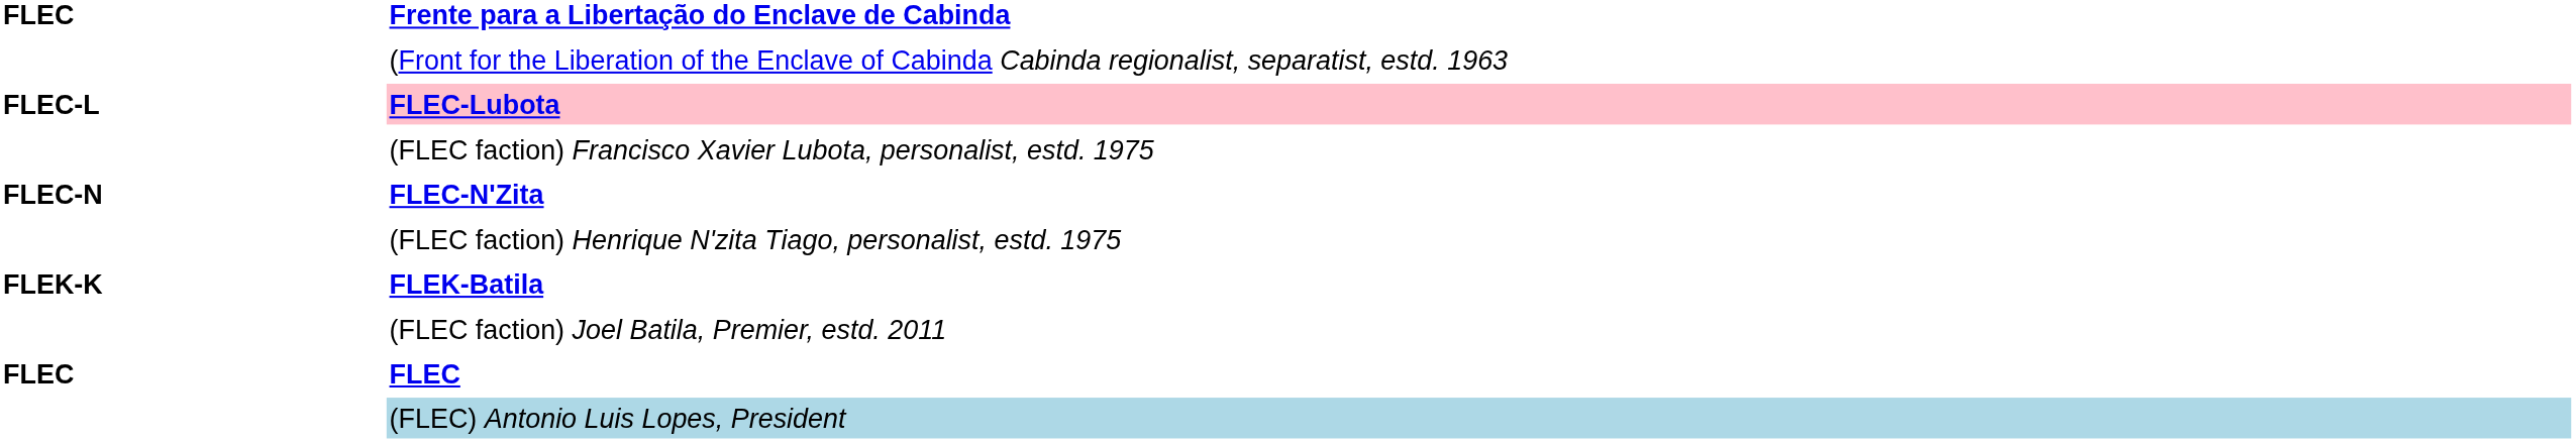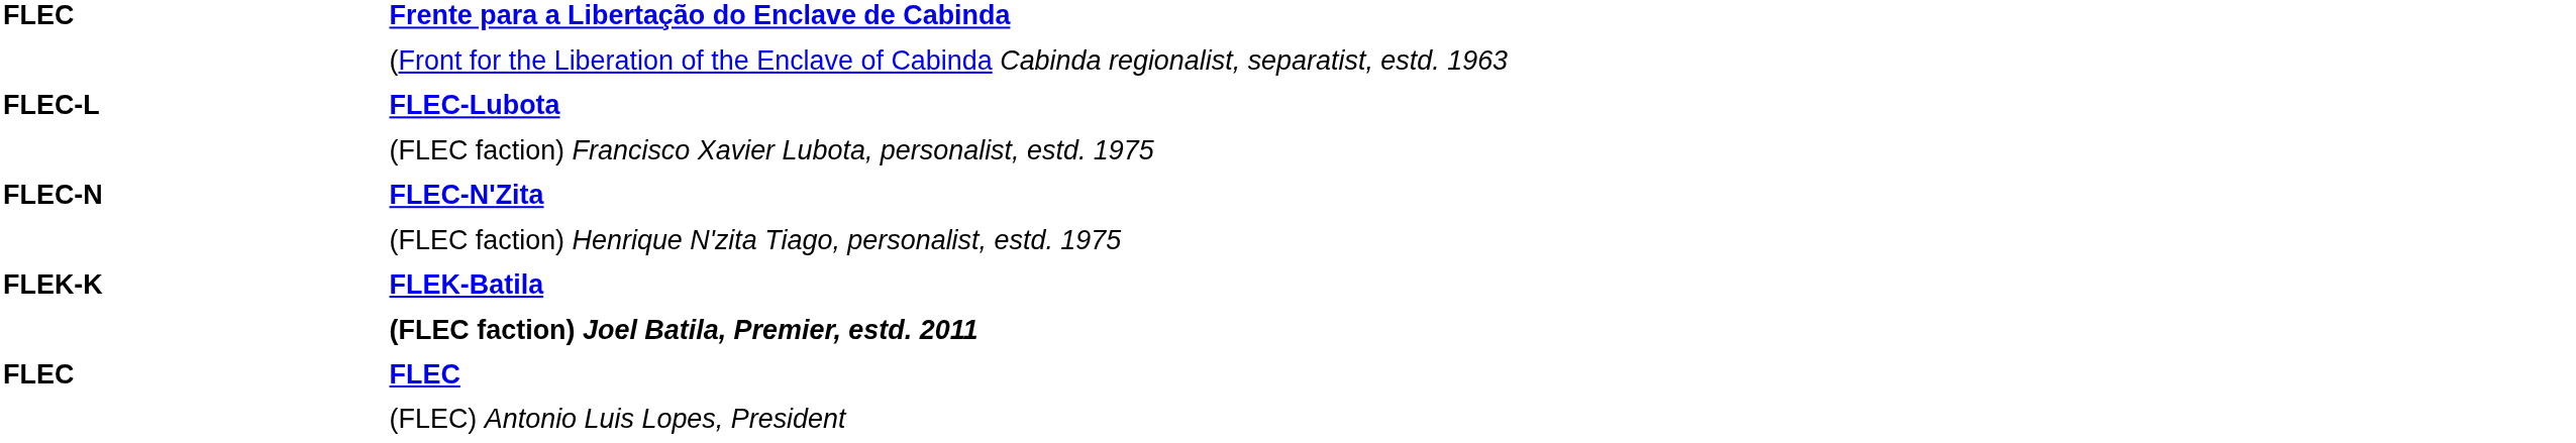 <table style="margin:0 auto;" id=toc cellpadding=1>
 <tr>
 <th width="7%"></th>
 <th width="40%"></th>
 </tr>
 <tr valign=top>
 <td rowspan="2"><small><strong>FLEC</strong></small></td>
 <td><small><strong><a href='#'>Frente para a Libertação do Enclave de Cabinda</a></strong></small></td>
 </tr>
 <tr>
 <td><small>(<a href='#'>Front for the Liberation of the Enclave of Cabinda</a> <em>Cabinda regionalist, separatist, estd. 1963</em></small></td>
 </tr>
 <tr valign=top>
 <td rowspan="2"><small><strong>FLEC-L</strong></small></td>
-<td style="background: pink;"><small><strong><a href='#'>FLEC-Lubota</a></strong> </small></td>
+<td><small><strong><a href='#'>FLEC-Lubota</a></strong> </small></td>
 </tr>
 <tr valign=top>
 <td><small>(FLEC faction) <em>Francisco Xavier Lubota, personalist, estd. 1975</em></small></td>
 </tr>
 <tr>
 <td rowspan="2" valign=top><small><strong>FLEC-N</strong></small></td>
 <td><small><strong><a href='#'>FLEC-N'Zita</a></strong> </small></td>
 </tr>
 <tr valign=top>
 <td><small>(FLEC faction) <em>Henrique N'zita Tiago, personalist, estd. 1975</em></small></td>
 </tr>
 <tr>
 <td rowspan="2" valign=top><small><strong>FLEK-K</strong></small></td>
 <td><small><strong><a href='#'>FLEK-Batila</a></strong> </small></td>
 </tr>
 <tr valign=top>
-<td><small>(FLEC faction) <em>Joel Batila, Premier, estd. 2011</em></small></td>
+<td><strong><small>(FLEC faction) <em>Joel Batila, Premier, estd. 2011</em></small></strong></td>
 </tr>
 <tr>
 <td rowspan="2" valign=top><small><strong>FLEC</strong></small></td>
 <td><small><strong><a href='#'>FLEC</a></strong> </small></td>
 </tr>
 <tr valign=top>
-<td style="background: lightblue;"><small>(FLEC) <em>Antonio Luis Lopes, President</em></small></td>
+<td><small>(FLEC) <em>Antonio Luis Lopes, President</em></small></td>
 </tr>
 <tr>
 </tr>
 </table>
